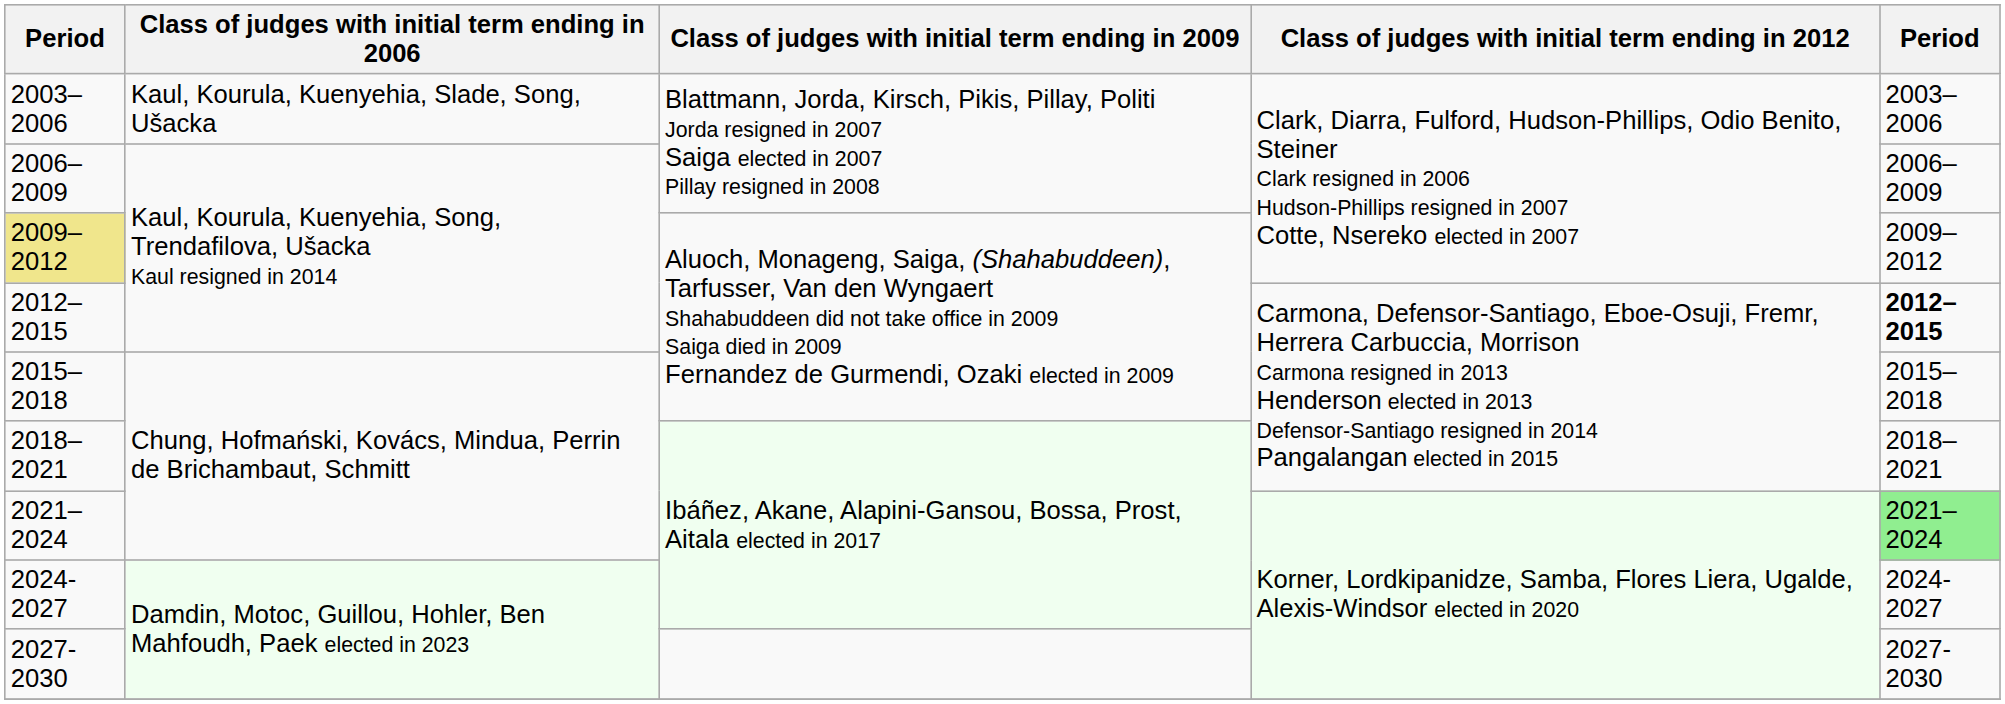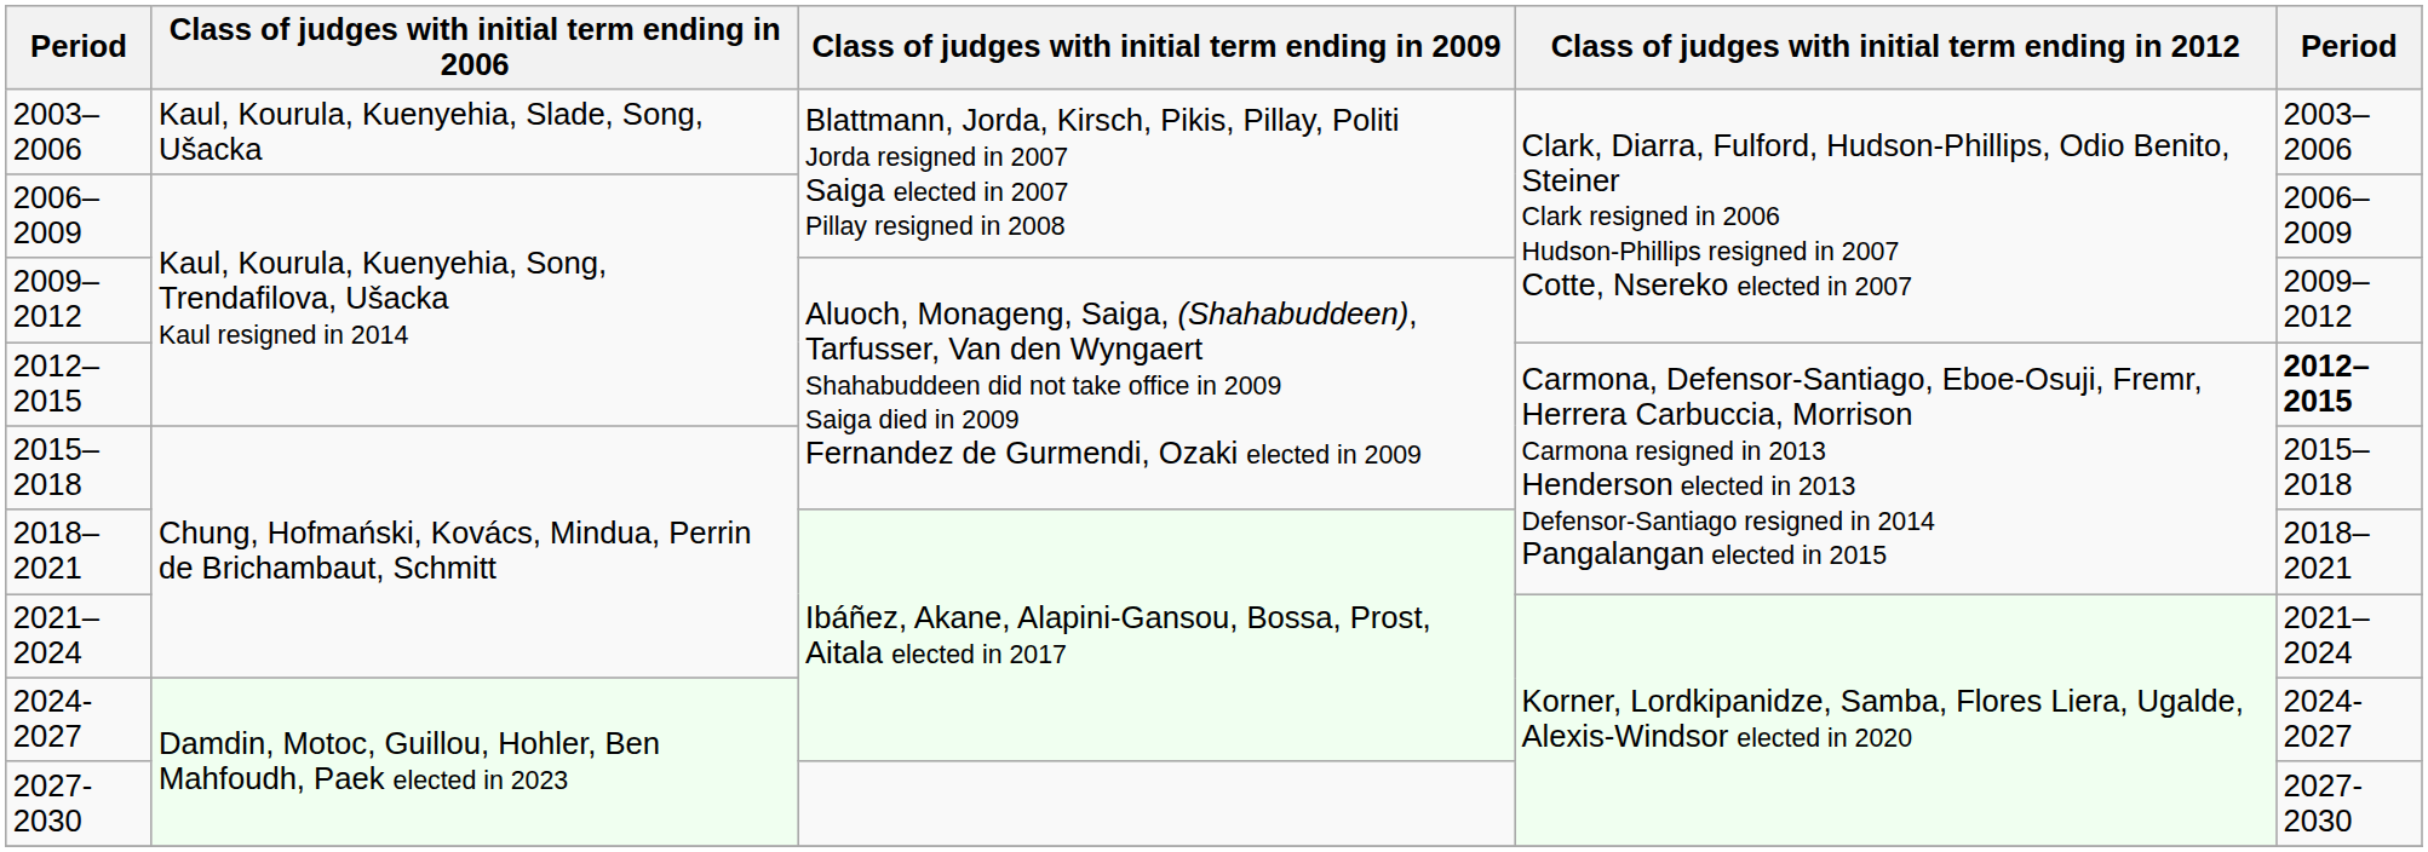 <table class="wikitable" border="1" style="text-align:left">
 <tr>
 <th>Period</th>
 <th>Class of judges with initial term ending in 2006</th>
 <th>Class of judges with initial term ending in 2009</th>
 <th>Class of judges with initial term ending in 2012</th>
 <th>Period</th>
 </tr>
 <tr>
 <td>2003–2006</td>
 <td>Kaul, Kourula, Kuenyehia, Slade, Song, Ušacka</td>
 <td rowspan=2>Blattmann, Jorda, Kirsch, Pikis, Pillay, Politi<br><small>Jorda resigned in 2007</small><br>Saiga <small>elected in 2007<br>Pillay resigned in 2008</small></td>
 <td rowspan=3>Clark, Diarra, Fulford, Hudson-Phillips, Odio Benito, Steiner<br><small>Clark resigned in 2006<br>Hudson-Phillips resigned in 2007</small><br>Cotte, Nsereko <small>elected in 2007</small></td>
 <td>2003–2006</td>
 </tr>
 <tr>
 <td>2006–2009</td>
 <td rowspan=3>Kaul, Kourula, Kuenyehia, Song, Trendafilova, Ušacka<br><small>Kaul resigned in 2014</small></td>
 <td>2006–2009</td>
 </tr>
 <tr>
-<td style="background: khaki;">2009–2012</td>
+<td>2009–2012</td>
 <td rowspan=3>Aluoch, Monageng, Saiga, <em>(Shahabuddeen)</em>, Tarfusser, Van den Wyngaert<br><small>Shahabuddeen did not take office in 2009<br>Saiga died in 2009<br></small>Fernandez de Gurmendi, Ozaki <small>elected in 2009</small></td>
 <td>2009–2012</td>
 </tr>
 <tr>
 <td>2012–2015</td>
 <td rowspan=3>Carmona, Defensor-Santiago, Eboe-Osuji, Fremr, Herrera Carbuccia, Morrison<br><small>Carmona resigned in 2013</small><br>Henderson<small> elected in 2013</small><br><small>Defensor-Santiago resigned in 2014</small><br>Pangalangan<small> elected in 2015</small></td>
 <td><strong>2012–2015</strong></td>
 </tr>
 <tr>
 <td>2015–2018</td>
 <td rowspan=3>Chung, Hofmański, Kovács, Mindua, Perrin de Brichambaut, Schmitt</td>
 <td>2015–2018</td>
 </tr>
 <tr>
 <td>2018–2021</td>
 <td rowspan="3" style="background:honeydew">Ibáñez, Akane, Alapini-Gansou, Bossa, Prost, Aitala <small>elected in 2017</small></td>
 <td>2018–2021</td>
 </tr>
 <tr>
 <td>2021–2024</td>
 <td rowspan="3" style="background:honeydew">Korner, Lordkipanidze, Samba, Flores Liera, Ugalde, Alexis-Windsor <small>elected in 2020</small></td>
-<td style="background: lightgreen;">2021–2024</td>
+<td>2021–2024</td>
 </tr>
 <tr>
 <td>2024-2027</td>
 <td rowspan="2" style="background:honeydew">Damdin, Motoc, Guillou, Hohler, Ben Mahfoudh, Paek <small>elected in 2023</small></td>
 <td>2024-2027</td>
 </tr>
 <tr>
 <td>2027-2030</td>
 <td></td>
 <td>2027-2030</td>
 </tr>
 <tr>
 </tr>
 </table>
